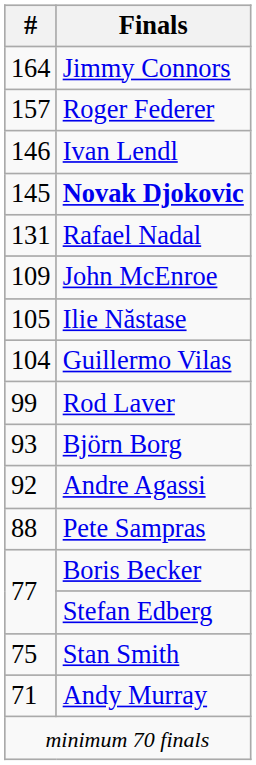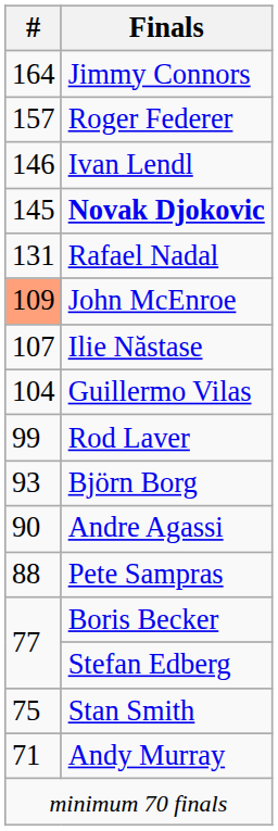 <table class="wikitable" style="display:inline-table;">
 <tr>
 <th>#</th>
 <th>Finals</th>
 </tr>
 <tr>
 <td>164</td>
 <td> <a href='#'>Jimmy Connors</a></td>
 </tr>
 <tr>
 <td>157</td>
 <td> <a href='#'>Roger Federer</a></td>
 </tr>
 <tr>
 <td>146</td>
 <td> <a href='#'>Ivan Lendl</a></td>
 </tr>
 <tr>
 <td>145</td>
 <td> <strong><a href='#'>Novak Djokovic</a></strong></td>
 </tr>
 <tr>
 <td>131</td>
 <td> <a href='#'>Rafael Nadal</a></td>
 </tr>
 <tr>
-<td>109</td>
+<td style="background: lightsalmon;">109</td>
 <td> <a href='#'>John McEnroe</a></td>
 </tr>
 <tr>
-<td>105</td>
+<td>107</td>
 <td> <a href='#'>Ilie Năstase</a></td>
 </tr>
 <tr>
 <td>104</td>
 <td> <a href='#'>Guillermo Vilas</a></td>
 </tr>
 <tr>
 <td>99</td>
 <td> <a href='#'>Rod Laver</a></td>
 </tr>
 <tr>
 <td>93</td>
 <td> <a href='#'>Björn Borg</a></td>
 </tr>
 <tr>
-<td>92</td>
+<td>90</td>
 <td> <a href='#'>Andre Agassi</a></td>
 </tr>
 <tr>
 <td>88</td>
 <td> <a href='#'>Pete Sampras</a></td>
 </tr>
 <tr>
 <td rowspan="2">77</td>
 <td> <a href='#'>Boris Becker</a></td>
 </tr>
 <tr>
 <td> <a href='#'>Stefan Edberg</a></td>
 </tr>
 <tr>
 <td>75</td>
 <td> <a href='#'>Stan Smith</a></td>
 </tr>
 <tr>
 <td>71</td>
 <td> <a href='#'>Andy Murray</a></td>
 </tr>
 <tr>
 <td colspan="3" style="text-align: center;"><small><em>minimum 70 finals</em></small></td>
 </tr>
 </table>
